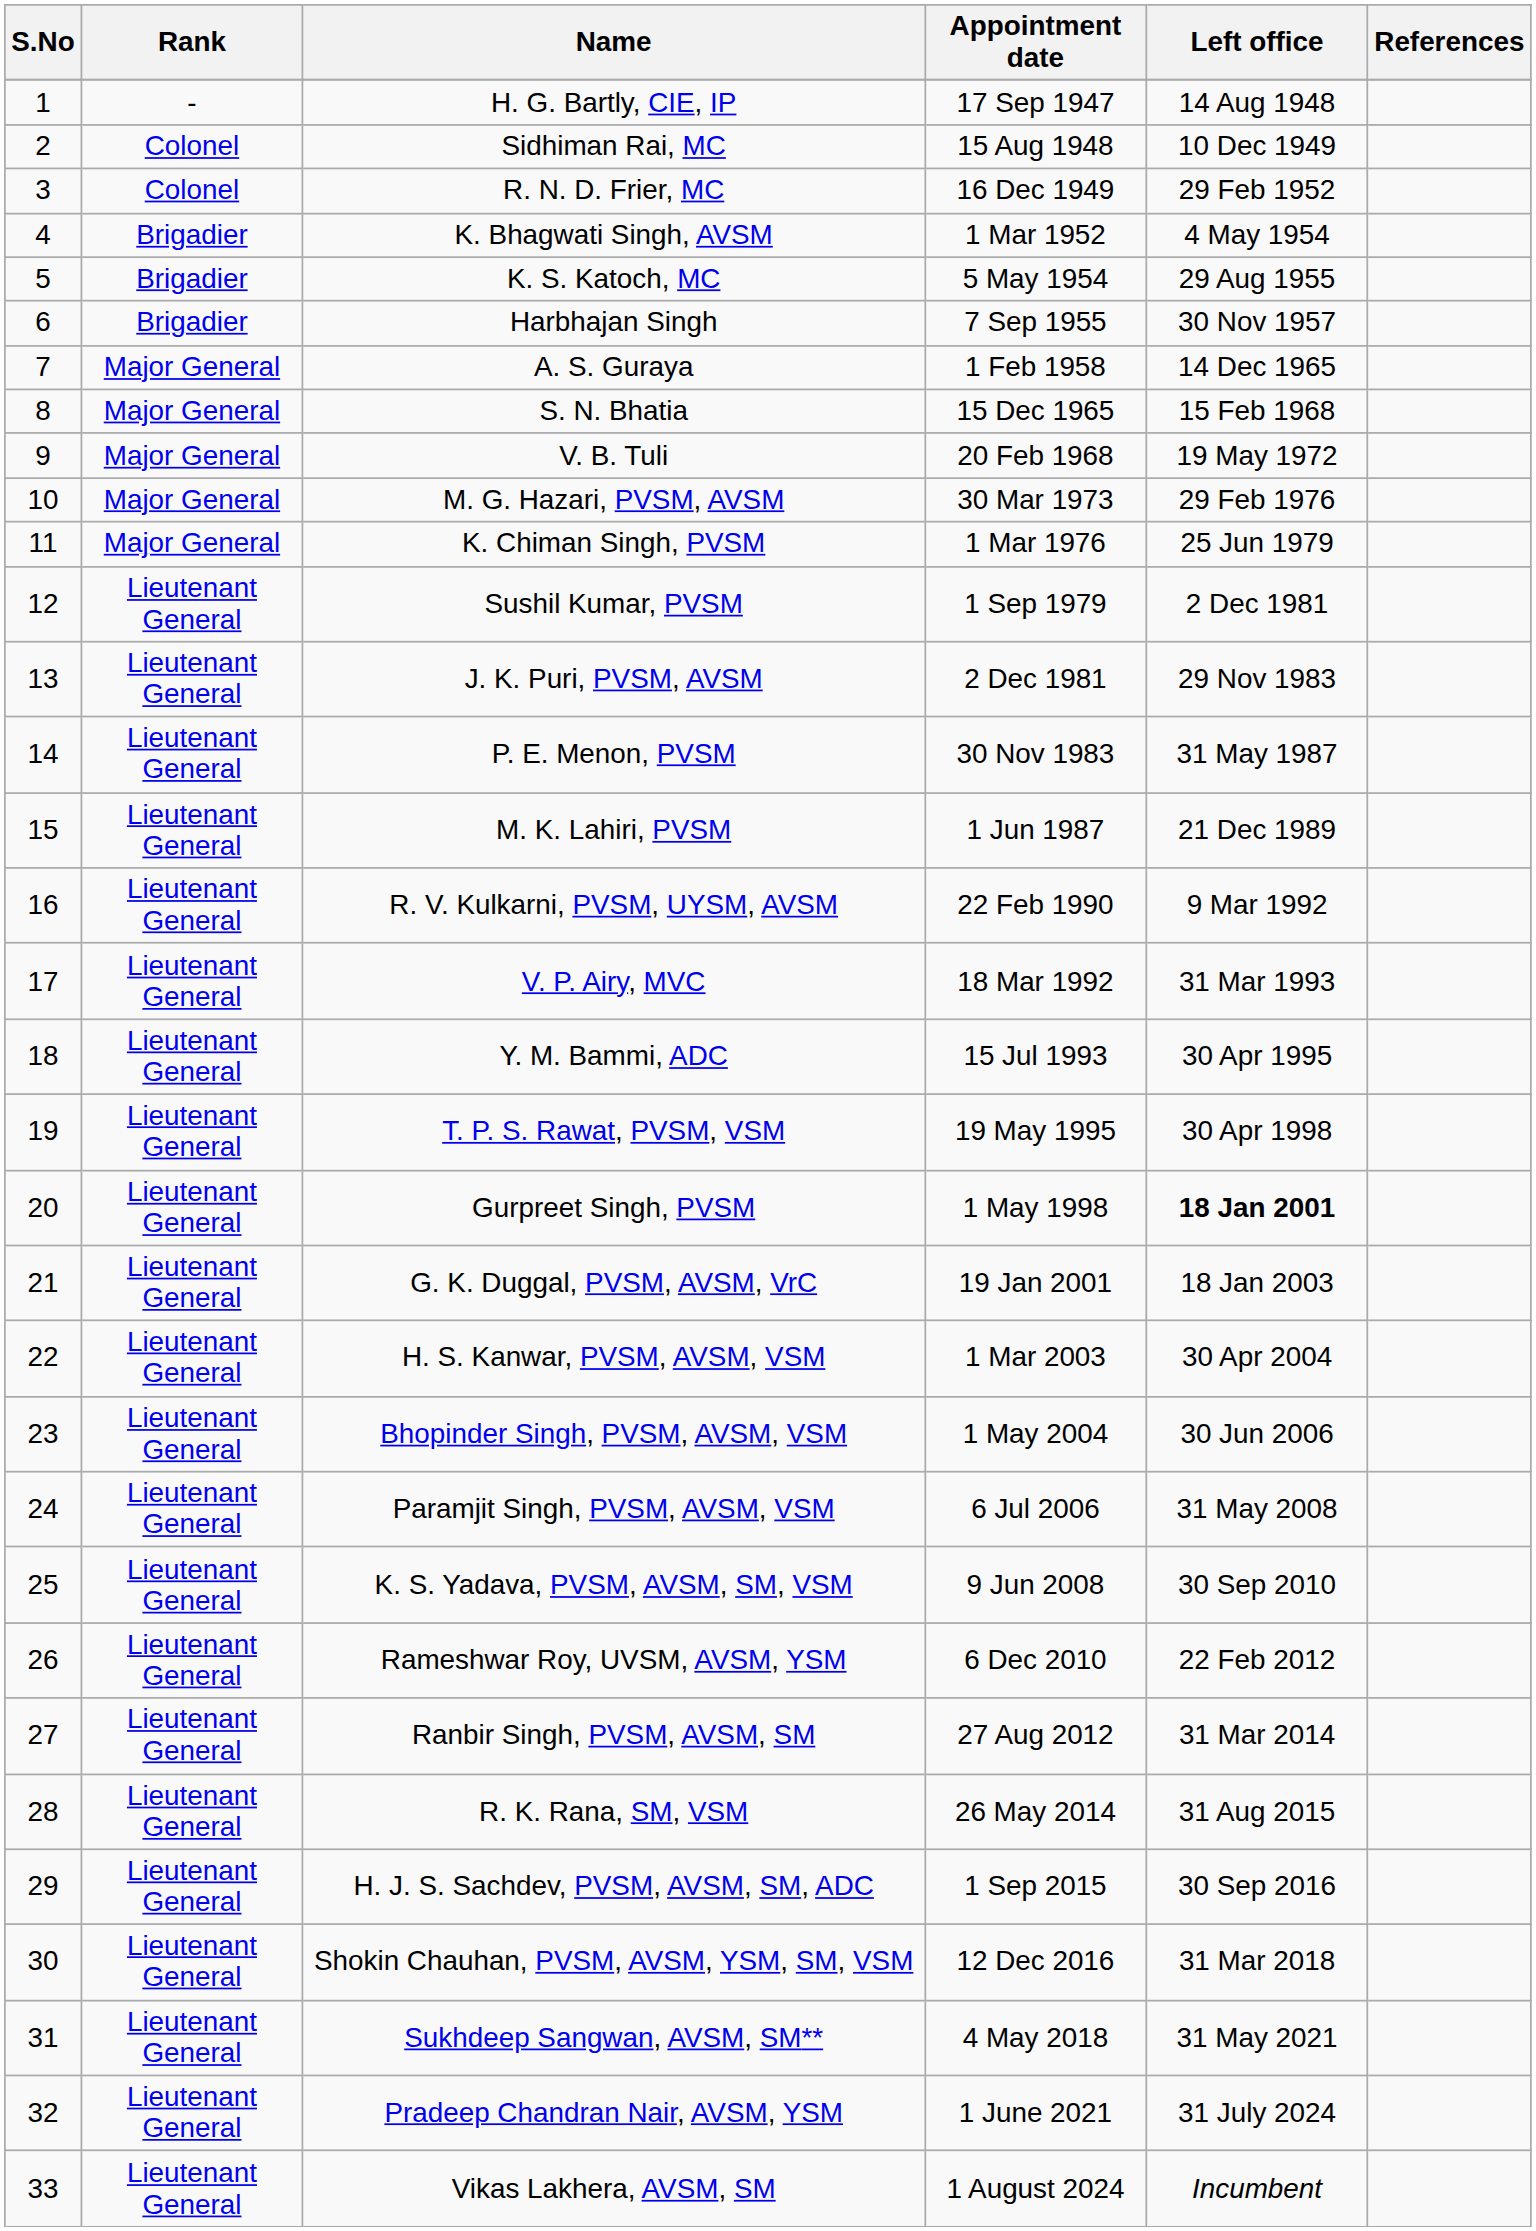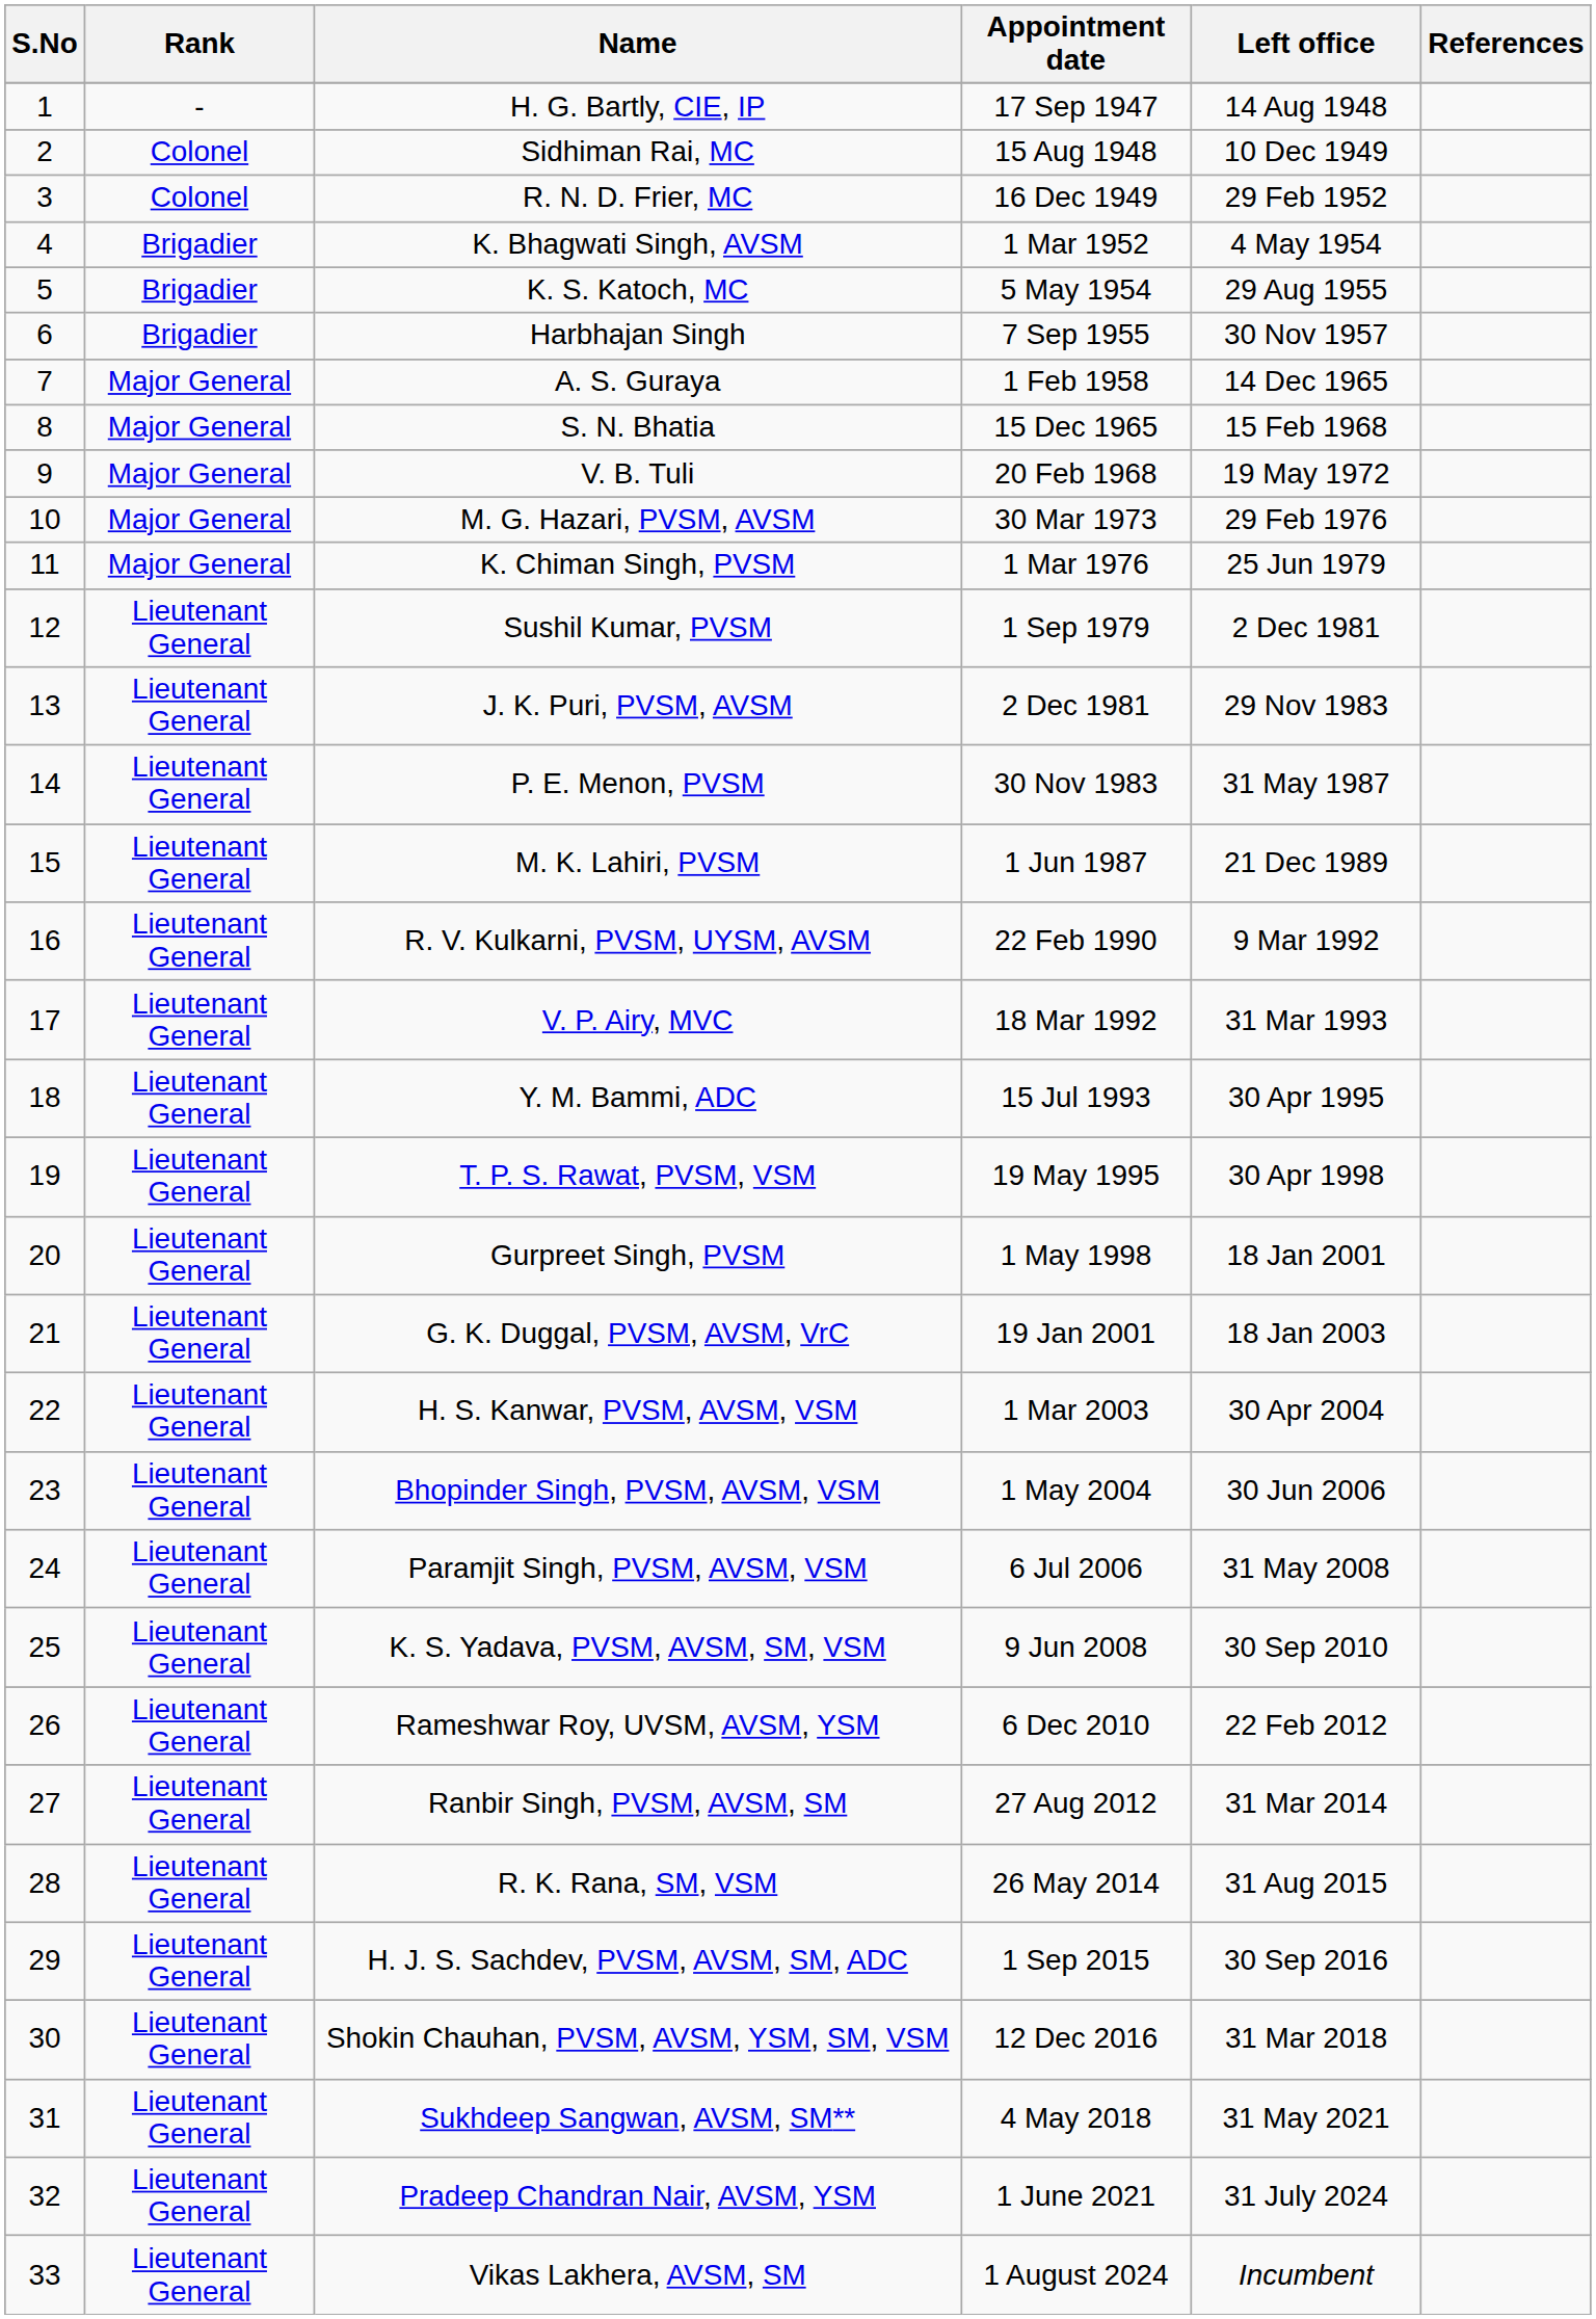 <table class="wikitable sortable" style="text-align:center">
 <tr>
 <th scope="col" style="width: 20px;">S.No</th>
 <th scope="col" style="width: 120px;">Rank</th>
 <th scope="col" style="width: 350px;">Name</th>
 <th scope="col" style="width: 120px;">Appointment date</th>
 <th scope="col" style="width: 120px;">Left office</th>
 <th scope="col" style="width: 25px;">References</th>
 </tr>
 <tr>
 </tr>
 <tr>
 <td>1</td>
 <td>-</td>
 <td>H. G. Bartly, <a href='#'>CIE</a>, <a href='#'>IP</a></td>
 <td>17 Sep 1947</td>
 <td>14 Aug 1948</td>
 <td></td>
 </tr>
 <tr>
 <td>2</td>
 <td><a href='#'>Colonel</a></td>
 <td>Sidhiman Rai, <a href='#'>MC</a></td>
 <td>15 Aug 1948</td>
 <td>10 Dec 1949</td>
 <td></td>
 </tr>
 <tr>
 <td>3</td>
 <td><a href='#'>Colonel</a></td>
 <td>R. N. D. Frier, <a href='#'>MC</a></td>
 <td>16 Dec 1949</td>
 <td>29 Feb 1952</td>
 <td></td>
 </tr>
 <tr>
 <td>4</td>
 <td><a href='#'>Brigadier</a></td>
 <td>K. Bhagwati Singh, <a href='#'>AVSM</a></td>
 <td>1 Mar 1952</td>
 <td>4 May 1954</td>
 <td></td>
 </tr>
 <tr>
 <td>5</td>
 <td><a href='#'>Brigadier</a></td>
 <td>K. S. Katoch, <a href='#'>MC</a></td>
 <td>5 May 1954</td>
 <td>29 Aug 1955</td>
 <td></td>
 </tr>
 <tr>
 <td>6</td>
 <td><a href='#'>Brigadier</a></td>
 <td>Harbhajan Singh</td>
 <td>7 Sep 1955</td>
 <td>30 Nov 1957</td>
 <td></td>
 </tr>
 <tr>
 <td>7</td>
 <td><a href='#'>Major General</a></td>
 <td>A. S. Guraya</td>
 <td>1 Feb 1958</td>
 <td>14 Dec 1965</td>
 <td></td>
 </tr>
 <tr>
 <td>8</td>
 <td><a href='#'>Major General</a></td>
 <td>S. N. Bhatia</td>
 <td>15 Dec 1965</td>
 <td>15 Feb 1968</td>
 <td></td>
 </tr>
 <tr>
 <td>9</td>
 <td><a href='#'>Major General</a></td>
 <td>V. B. Tuli</td>
 <td>20 Feb 1968</td>
 <td>19 May 1972</td>
 <td></td>
 </tr>
 <tr>
 <td>10</td>
 <td><a href='#'>Major General</a></td>
 <td>M. G. Hazari, <a href='#'>PVSM</a>, <a href='#'>AVSM</a></td>
 <td>30 Mar 1973</td>
 <td>29 Feb 1976</td>
 <td></td>
 </tr>
 <tr>
 <td>11</td>
 <td><a href='#'>Major General</a></td>
 <td>K. Chiman Singh, <a href='#'>PVSM</a></td>
 <td>1 Mar 1976</td>
 <td>25 Jun 1979</td>
 <td></td>
 </tr>
 <tr>
 <td>12</td>
 <td><a href='#'>Lieutenant General</a></td>
 <td>Sushil Kumar, <a href='#'>PVSM</a></td>
 <td>1 Sep 1979</td>
 <td>2 Dec 1981</td>
 <td></td>
 </tr>
 <tr>
 <td>13</td>
 <td><a href='#'>Lieutenant General</a></td>
 <td>J. K. Puri, <a href='#'>PVSM</a>, <a href='#'>AVSM</a></td>
 <td>2 Dec 1981</td>
 <td>29 Nov 1983</td>
 <td></td>
 </tr>
 <tr>
 <td>14</td>
 <td><a href='#'>Lieutenant General</a></td>
 <td>P. E. Menon, <a href='#'>PVSM</a></td>
 <td>30 Nov 1983</td>
 <td>31 May 1987</td>
 <td></td>
 </tr>
 <tr>
 <td>15</td>
 <td><a href='#'>Lieutenant General</a></td>
 <td>M. K. Lahiri, <a href='#'>PVSM</a></td>
 <td>1 Jun 1987</td>
 <td>21 Dec 1989</td>
 <td></td>
 </tr>
 <tr>
 <td>16</td>
 <td><a href='#'>Lieutenant General</a></td>
 <td>R. V. Kulkarni, <a href='#'>PVSM</a>, <a href='#'>UYSM</a>, <a href='#'>AVSM</a></td>
 <td>22 Feb 1990</td>
 <td>9 Mar 1992</td>
 <td></td>
 </tr>
 <tr>
 <td>17</td>
 <td><a href='#'>Lieutenant General</a></td>
 <td><a href='#'>V. P. Airy</a>, <a href='#'>MVC</a></td>
 <td>18 Mar 1992</td>
 <td>31 Mar 1993</td>
 <td></td>
 </tr>
 <tr>
 <td>18</td>
 <td><a href='#'>Lieutenant General</a></td>
 <td>Y. M. Bammi, <a href='#'>ADC</a></td>
 <td>15 Jul 1993</td>
 <td>30 Apr 1995</td>
 <td></td>
 </tr>
 <tr>
 <td>19</td>
 <td><a href='#'>Lieutenant General</a></td>
 <td><a href='#'>T. P. S. Rawat</a>, <a href='#'>PVSM</a>, <a href='#'>VSM</a></td>
 <td>19 May 1995</td>
 <td>30 Apr 1998</td>
 <td></td>
 </tr>
 <tr>
 <td>20</td>
 <td><a href='#'>Lieutenant General</a></td>
 <td>Gurpreet Singh, <a href='#'>PVSM</a></td>
 <td>1 May 1998</td>
-<td><strong>18 Jan 2001</strong></td>
+<td>18 Jan 2001</td>
 <td></td>
 </tr>
 <tr>
 <td>21</td>
 <td><a href='#'>Lieutenant General</a></td>
 <td>G. K. Duggal, <a href='#'>PVSM</a>, <a href='#'>AVSM</a>, <a href='#'>VrC</a></td>
 <td>19 Jan 2001</td>
 <td>18 Jan 2003</td>
 <td></td>
 </tr>
 <tr>
 <td>22</td>
 <td><a href='#'>Lieutenant General</a></td>
 <td>H. S. Kanwar, <a href='#'>PVSM</a>, <a href='#'>AVSM</a>, <a href='#'>VSM</a></td>
 <td>1 Mar 2003</td>
 <td>30 Apr 2004</td>
 <td></td>
 </tr>
 <tr>
 <td>23</td>
 <td><a href='#'>Lieutenant General</a></td>
 <td><a href='#'>Bhopinder Singh</a>, <a href='#'>PVSM</a>, <a href='#'>AVSM</a>, <a href='#'>VSM</a></td>
 <td>1 May 2004</td>
 <td>30 Jun 2006</td>
 <td></td>
 </tr>
 <tr>
 <td>24</td>
 <td><a href='#'>Lieutenant General</a></td>
 <td>Paramjit Singh, <a href='#'>PVSM</a>, <a href='#'>AVSM</a>, <a href='#'>VSM</a></td>
 <td>6 Jul 2006</td>
 <td>31 May 2008</td>
 <td></td>
 </tr>
 <tr>
 <td>25</td>
 <td><a href='#'>Lieutenant General</a></td>
 <td>K. S. Yadava, <a href='#'>PVSM</a>, <a href='#'>AVSM</a>, <a href='#'>SM</a>, <a href='#'>VSM</a></td>
 <td>9 Jun 2008</td>
 <td>30 Sep 2010</td>
 <td></td>
 </tr>
 <tr>
 <td>26</td>
 <td><a href='#'>Lieutenant General</a></td>
 <td>Rameshwar Roy, UVSM, <a href='#'>AVSM</a>, <a href='#'>YSM</a></td>
 <td>6 Dec 2010</td>
 <td>22 Feb 2012</td>
 <td></td>
 </tr>
 <tr>
 <td>27</td>
 <td><a href='#'>Lieutenant General</a></td>
 <td>Ranbir Singh, <a href='#'>PVSM</a>, <a href='#'>AVSM</a>, <a href='#'>SM</a></td>
 <td>27 Aug 2012</td>
 <td>31 Mar 2014</td>
 <td></td>
 </tr>
 <tr>
 <td>28</td>
 <td><a href='#'>Lieutenant General</a></td>
 <td>R. K. Rana, <a href='#'>SM</a>, <a href='#'>VSM</a></td>
 <td>26 May 2014</td>
 <td>31 Aug 2015</td>
 <td></td>
 </tr>
 <tr>
 <td>29</td>
 <td><a href='#'>Lieutenant General</a></td>
 <td>H. J. S. Sachdev, <a href='#'>PVSM</a>, <a href='#'>AVSM</a>, <a href='#'>SM</a>, <a href='#'>ADC</a></td>
 <td>1 Sep 2015</td>
 <td>30 Sep 2016</td>
 <td></td>
 </tr>
 <tr>
 <td>30</td>
 <td><a href='#'>Lieutenant General</a></td>
 <td>Shokin Chauhan, <a href='#'>PVSM</a>, <a href='#'>AVSM</a>, <a href='#'>YSM</a>, <a href='#'>SM</a>, <a href='#'>VSM</a></td>
 <td>12 Dec 2016</td>
 <td>31 Mar 2018</td>
 <td></td>
 </tr>
 <tr>
 <td>31</td>
 <td><a href='#'>Lieutenant General</a></td>
 <td><a href='#'>Sukhdeep Sangwan</a>, <a href='#'>AVSM</a>, <a href='#'>SM</a><a href='#'>**</a></td>
 <td>4 May 2018</td>
 <td>31 May 2021</td>
 <td></td>
 </tr>
 <tr>
 <td>32</td>
 <td><a href='#'>Lieutenant General</a></td>
 <td><a href='#'>Pradeep Chandran Nair</a>, <a href='#'>AVSM</a>, <a href='#'>YSM</a></td>
 <td>1 June 2021</td>
 <td>31 July 2024</td>
 <td></td>
 </tr>
 <tr>
 <td>33</td>
 <td><a href='#'>Lieutenant General</a></td>
 <td>Vikas Lakhera, <a href='#'>AVSM</a>, <a href='#'>SM</a></td>
 <td>1 August 2024</td>
 <td><em>Incumbent</em></td>
 <td></td>
 </tr>
 </table>
